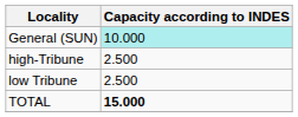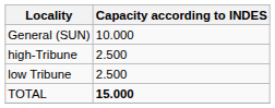 <table class="wikitable" style="margin: 1em auto 1em auto; font-size: 95%;">
 <tr>
 <th>Locality</th>
 <th>Capacity according to INDES</th>
 </tr>
 <tr>
 <td>General (SUN)</td>
-<td style="background: paleturquoise;">10.000</td>
+<td>10.000</td>
 </tr>
 <tr>
 <td>high-Tribune</td>
 <td>2.500</td>
 </tr>
 <tr>
 <td>low Tribune</td>
 <td>2.500</td>
 </tr>
 <tr>
 <td>TOTAL</td>
 <td><strong>15.000</strong></td>
 </tr>
 <tr>
 </tr>
 </table>
